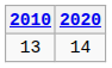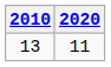 <table class=wikitable style="text-align:center">
 <tr>
 <th><a href='#'>2010</a></th>
 <th><a href='#'>2020</a></th>
 </tr>
 <tr>
 <td>13</td>
-<td>14</td>
+<td>11</td>
 </tr>
 </table>
